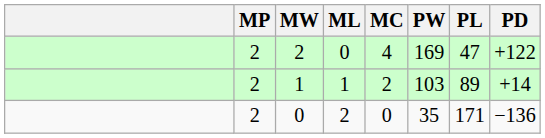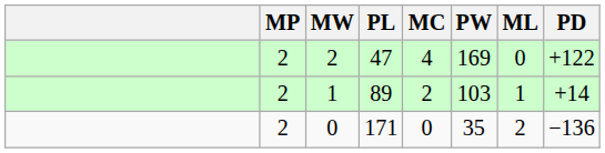 <table class=wikitable style="text-align:center">
 <tr>
 <th width=175></th>
 <th width=20>MP</th>
 <th width=20>MW</th>
-<th width=20>ML</th>
+<th width=20>PL</th>
 <th width=20>MC</th>
 <th width=20>PW</th>
-<th width=20>PL</th>
+<th width=20>ML</th>
 <th width=20>PD</th>
 </tr>
 <tr style="background-color:#ccffcc;">
 <td style="text-align:left;"></td>
 <td>2</td>
 <td>2</td>
-<td>0</td>
+<td>47</td>
 <td>4</td>
 <td>169</td>
-<td>47</td>
+<td>0</td>
 <td>+122</td>
 </tr>
 <tr style="background-color:#ccffcc;">
 <td style="text-align:left;"></td>
 <td>2</td>
 <td>1</td>
-<td>1</td>
+<td>89</td>
 <td>2</td>
 <td>103</td>
-<td>89</td>
+<td>1</td>
 <td>+14</td>
 </tr>
 <tr>
 <td style="text-align:left;"></td>
 <td>2</td>
 <td>0</td>
-<td>2</td>
+<td>171</td>
 <td>0</td>
 <td>35</td>
-<td>171</td>
+<td>2</td>
 <td>−136</td>
 </tr>
 </table>
